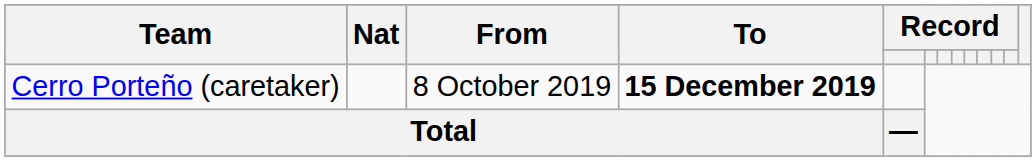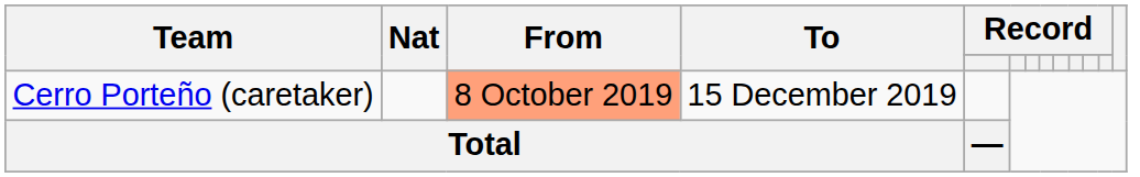 <table class="wikitable" style="text-align: center">
 <tr>
 <th rowspan="2">Team</th>
 <th rowspan="2">Nat</th>
 <th rowspan="2">From</th>
 <th rowspan="2">To</th>
 <th colspan="8">Record</th>
 <th rowspan=2></th>
 </tr>
 <tr>
 <th></th>
 <th></th>
 <th></th>
 <th></th>
 <th></th>
 <th></th>
 <th></th>
 <th></th>
 </tr>
 <tr>
 <td align=left><a href='#'>Cerro Porteño</a> (caretaker)</td>
 <td></td>
-<td align=left>8 October 2019</td>
-<td align=left><strong>15 December 2019<br></strong></td>
+<td align=left style="background: lightsalmon;">8 October 2019</td>
+<td align=left>15 December 2019<br></td>
 <td></td>
 </tr>
 <tr align=center>
 <th colspan="4">Total<br></th>
 <th>—</th>
 </tr>
 </table>
